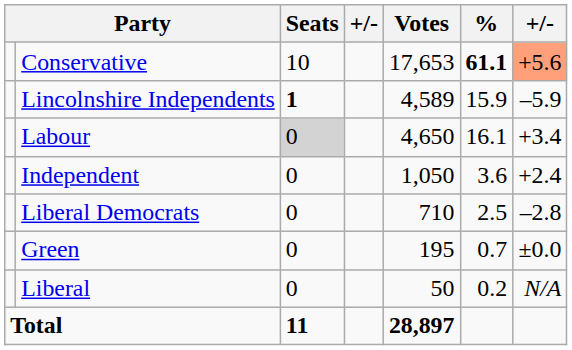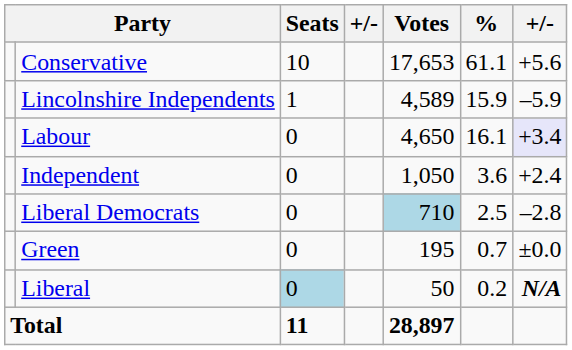 <table class="wikitable sortable">
 <tr>
 <th colspan="2">Party</th>
 <th>Seats</th>
 <th>+/-</th>
 <th>Votes</th>
 <th>%</th>
 <th>+/-</th>
 </tr>
 <tr>
 <td style="background-color: "></td>
 <td><a href='#'>Conservative</a></td>
 <td>10</td>
 <td></td>
 <td style="text-align:right;">17,653</td>
-<td style="text-align:right;"><strong>61.1</strong></td>
-<td style="background: lightsalmon; text-align:right;">+5.6</td>
+<td style="text-align:right;">61.1</td>
+<td style="text-align:right;">+5.6</td>
 </tr>
 <tr>
 <td style="background-color: "></td>
 <td><a href='#'>Lincolnshire Independents</a></td>
-<td><strong>1</strong></td>
+<td>1</td>
 <td></td>
 <td style="text-align:right;">4,589</td>
 <td style="text-align:right;">15.9</td>
 <td style="text-align:right;">–5.9</td>
 </tr>
 <tr>
 <td style="background-color: "></td>
 <td><a href='#'>Labour</a></td>
-<td style="background: lightgrey;">0</td>
+<td>0</td>
 <td></td>
 <td style="text-align:right;">4,650</td>
 <td style="text-align:right;">16.1</td>
-<td style="text-align:right;">+3.4</td>
+<td style="background: lavender; text-align:right;">+3.4</td>
 </tr>
 <tr>
 <td style="background-color: "></td>
 <td><a href='#'>Independent</a></td>
 <td>0</td>
 <td></td>
 <td style="text-align:right;">1,050</td>
 <td style="text-align:right;">3.6</td>
 <td style="text-align:right;">+2.4</td>
 </tr>
 <tr>
 <td style="background-color: "></td>
 <td><a href='#'>Liberal Democrats</a></td>
 <td>0</td>
 <td></td>
-<td style="text-align:right;">710</td>
+<td style="background: lightblue; text-align:right;">710</td>
 <td style="text-align:right;">2.5</td>
 <td style="text-align:right;">–2.8</td>
 </tr>
 <tr>
 <td style="background-color: "></td>
 <td><a href='#'>Green</a></td>
 <td>0</td>
 <td></td>
 <td style="text-align:right;">195</td>
 <td style="text-align:right;">0.7</td>
 <td style="text-align:right;">±0.0</td>
 </tr>
 <tr>
 <td style="background-color: "></td>
 <td><a href='#'>Liberal</a></td>
-<td>0</td>
+<td style="background: lightblue;">0</td>
 <td></td>
 <td style="text-align:right;">50</td>
 <td style="text-align:right;">0.2</td>
-<td style="text-align:right;"><em>N/A</em></td>
+<td style="text-align:right;"><strong><em>N/A</em></strong></td>
 </tr>
 <tr>
 <td colspan="2"><strong>Total</strong></td>
 <td><strong>11</strong></td>
 <td></td>
 <td style="text-align:right;"><strong>28,897</strong></td>
 <td style="text-align:right;"></td>
 <td style="text-align:right;"></td>
 </tr>
 </table>
